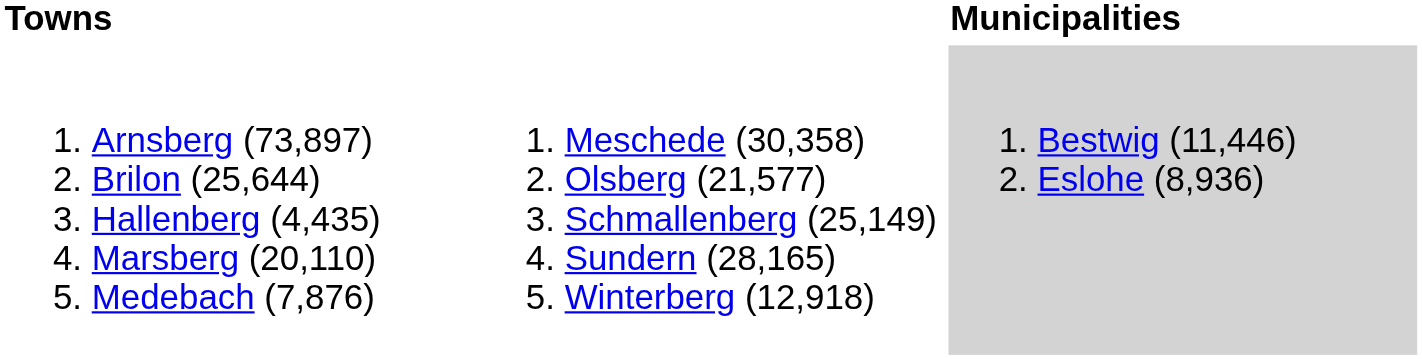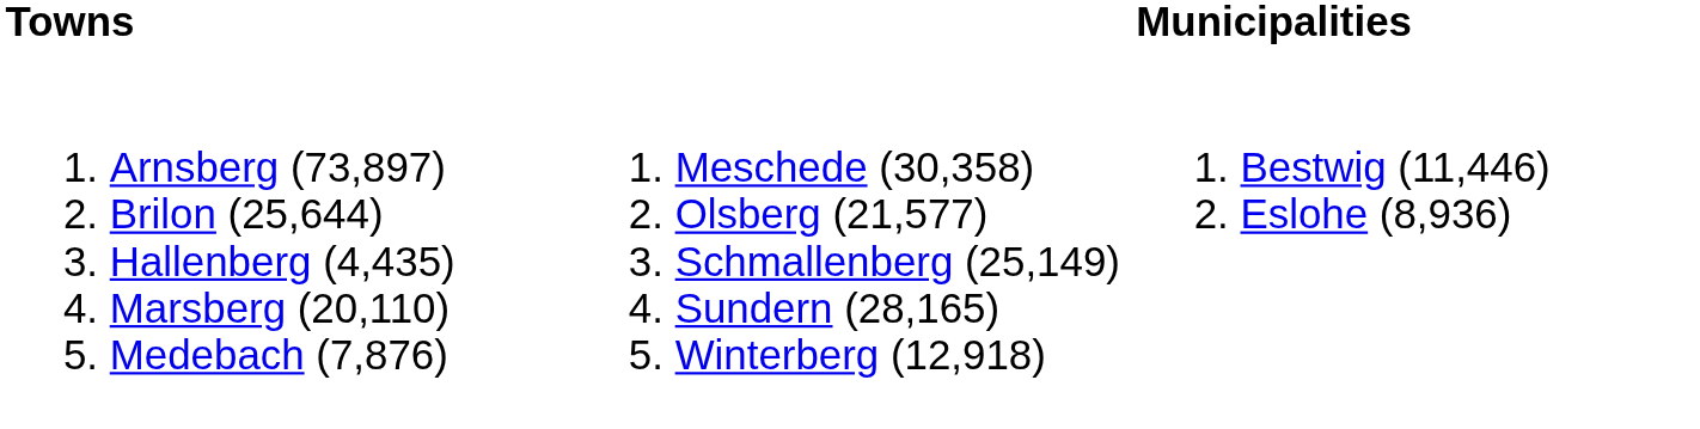 <table>
 <tr>
 <th colspan=2 align=left>Towns</th>
 <th align=left>Municipalities</th>
 </tr>
 <tr valign=top>
 <td width=33%><br><ol><li><a href='#'>Arnsberg</a> (73,897)</li><li><a href='#'>Brilon</a> (25,644)</li><li><a href='#'>Hallenberg</a> (4,435)</li><li><a href='#'>Marsberg</a> (20,110)</li><li><a href='#'>Medebach</a> (7,876)</li></ol></td>
 <td width=33%><br><ol> <li> <a href='#'>Meschede</a> (30,358) <li> <a href='#'>Olsberg</a> (21,577) <li> <a href='#'>Schmallenberg</a> (25,149) <li> <a href='#'>Sundern</a> (28,165) <li> <a href='#'>Winterberg</a> (12,918) </ol></td>
-<td width=33% style="background: lightgrey;"><br><ol><li><a href='#'>Bestwig</a> (11,446)</li><li><a href='#'>Eslohe</a> (8,936)</li></ol></td>
+<td width=33%><br><ol><li><a href='#'>Bestwig</a> (11,446)</li><li><a href='#'>Eslohe</a> (8,936)</li></ol></td>
 </tr>
 </table>
